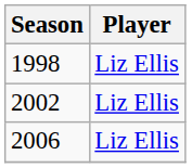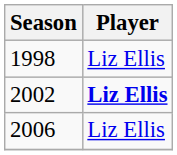 <table class="wikitable collapsible">
 <tr>
 <th>Season</th>
 <th>Player</th>
 </tr>
 <tr>
 <td>1998</td>
 <td><a href='#'>Liz Ellis</a></td>
 </tr>
 <tr>
 <td>2002</td>
-<td><a href='#'>Liz Ellis</a></td>
+<td><strong><a href='#'>Liz Ellis</a></strong></td>
 </tr>
 <tr>
 <td>2006</td>
 <td><a href='#'>Liz Ellis</a></td>
 </tr>
 <tr>
 </tr>
 </table>
